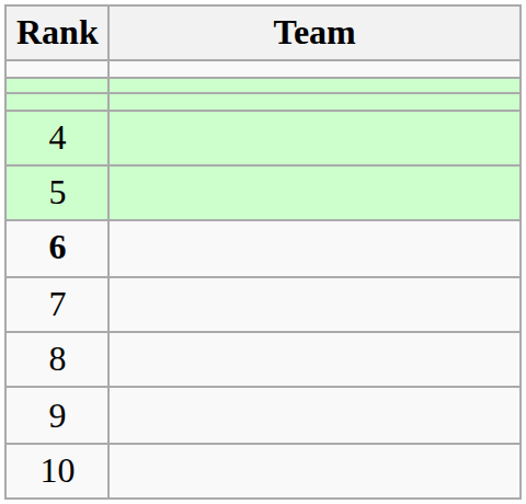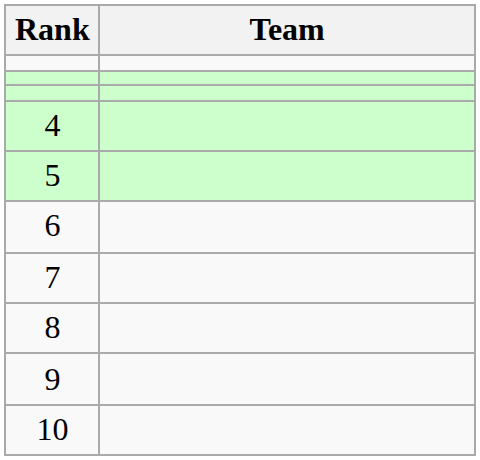 <table class="wikitable" style="text-align: center;">
 <tr>
 <th width=40>Rank</th>
 <th width=180>Team</th>
 </tr>
 <tr>
 <td></td>
 <td align="left"></td>
 </tr>
 <tr bgcolor="#ccffcc">
 <td></td>
 <td align="left"></td>
 </tr>
 <tr bgcolor="#ccffcc">
 <td></td>
 <td align="left"></td>
 </tr>
 <tr bgcolor="#ccffcc">
 <td>4</td>
 <td align="left"></td>
 </tr>
 <tr bgcolor="#ccffcc">
 <td>5</td>
 <td align="left"></td>
 </tr>
 <tr>
-<td><strong>6</strong></td>
+<td>6</td>
 <td align="left"></td>
 </tr>
 <tr>
 <td>7</td>
 <td align="left"></td>
 </tr>
 <tr>
 <td>8</td>
 <td align="left"></td>
 </tr>
 <tr>
 <td>9</td>
 <td align="left"></td>
 </tr>
 <tr>
 <td>10</td>
 <td align="left"></td>
 </tr>
 </table>
